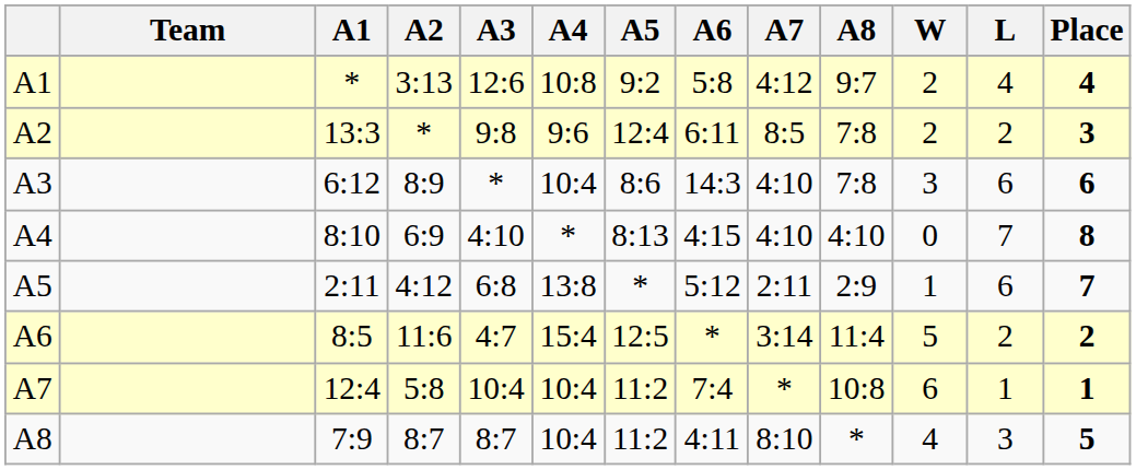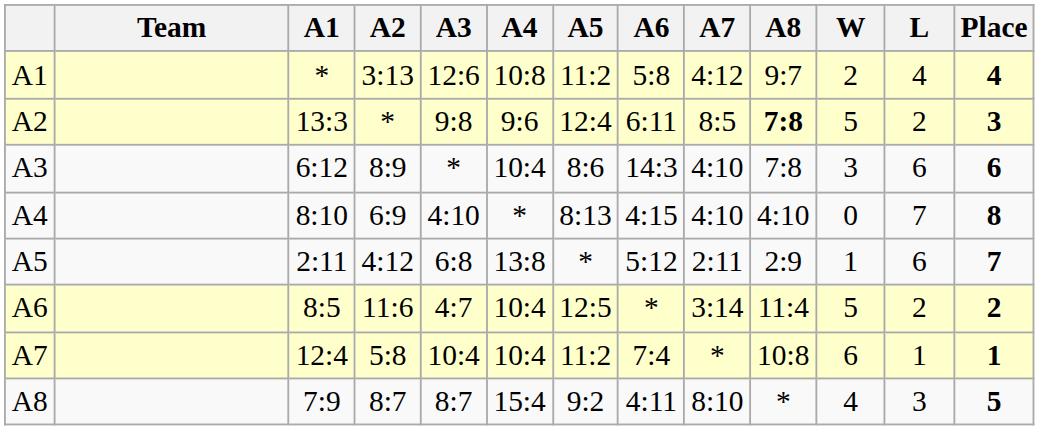 <table class="wikitable" style="text-align:center;">
 <tr>
 <th></th>
 <th width="120">Team</th>
 <th width="25">A1</th>
 <th width="25">A2</th>
 <th width="25">A3</th>
 <th width="25">A4</th>
 <th width="25">A5</th>
 <th width="25">A6</th>
 <th width="25">A7</th>
 <th width="25">A8</th>
 <th width="30">W</th>
 <th width="30">L</th>
 <th>Place</th>
 </tr>
 <tr bgcolor="#ffffcc">
 <td>A1</td>
 <td align="left"></td>
 <td>*</td>
 <td>3:13</td>
 <td>12:6</td>
 <td>10:8</td>
-<td>9:2</td>
+<td>11:2</td>
 <td>5:8</td>
 <td>4:12</td>
 <td>9:7</td>
 <td>2</td>
 <td>4</td>
 <td><strong>4</strong></td>
 </tr>
 <tr bgcolor="#ffffcc">
 <td>A2</td>
 <td align="left"></td>
 <td>13:3</td>
 <td>*</td>
 <td>9:8</td>
 <td>9:6</td>
 <td>12:4</td>
 <td>6:11</td>
 <td>8:5</td>
-<td>7:8</td>
-<td>2</td>
+<td><strong>7:8</strong></td>
+<td>5</td>
 <td>2</td>
 <td><strong>3</strong></td>
 </tr>
 <tr>
 <td>A3</td>
 <td align="left"></td>
 <td>6:12</td>
 <td>8:9</td>
 <td>*</td>
 <td>10:4</td>
 <td>8:6</td>
 <td>14:3</td>
 <td>4:10</td>
 <td>7:8</td>
 <td>3</td>
 <td>6</td>
 <td><strong>6</strong></td>
 </tr>
 <tr>
 <td>A4</td>
 <td align="left"></td>
 <td>8:10</td>
 <td>6:9</td>
 <td>4:10</td>
 <td>*</td>
 <td>8:13</td>
 <td>4:15</td>
 <td>4:10</td>
 <td>4:10</td>
 <td>0</td>
 <td>7</td>
 <td><strong>8</strong></td>
 </tr>
 <tr>
 <td>A5</td>
 <td align="left"></td>
 <td>2:11</td>
 <td>4:12</td>
 <td>6:8</td>
 <td>13:8</td>
 <td>*</td>
 <td>5:12</td>
 <td>2:11</td>
 <td>2:9</td>
 <td>1</td>
 <td>6</td>
 <td><strong>7</strong></td>
 </tr>
 <tr bgcolor="#ffffcc">
 <td>A6</td>
 <td align="left"></td>
 <td>8:5</td>
 <td>11:6</td>
 <td>4:7</td>
-<td>15:4</td>
+<td>10:4</td>
 <td>12:5</td>
 <td>*</td>
 <td>3:14</td>
 <td>11:4</td>
 <td>5</td>
 <td>2</td>
 <td><strong>2</strong></td>
 </tr>
 <tr bgcolor="#ffffcc">
 <td>A7</td>
 <td align="left"></td>
 <td>12:4</td>
 <td>5:8</td>
 <td>10:4</td>
 <td>10:4</td>
 <td>11:2</td>
 <td>7:4</td>
 <td>*</td>
 <td>10:8</td>
 <td>6</td>
 <td>1</td>
 <td><strong>1</strong></td>
 </tr>
 <tr>
 <td>A8</td>
 <td align="left"></td>
 <td>7:9</td>
 <td>8:7</td>
 <td>8:7</td>
-<td>10:4</td>
-<td>11:2</td>
+<td>15:4</td>
+<td>9:2</td>
 <td>4:11</td>
 <td>8:10</td>
 <td>*</td>
 <td>4</td>
 <td>3</td>
 <td><strong>5</strong></td>
 </tr>
 </table>
